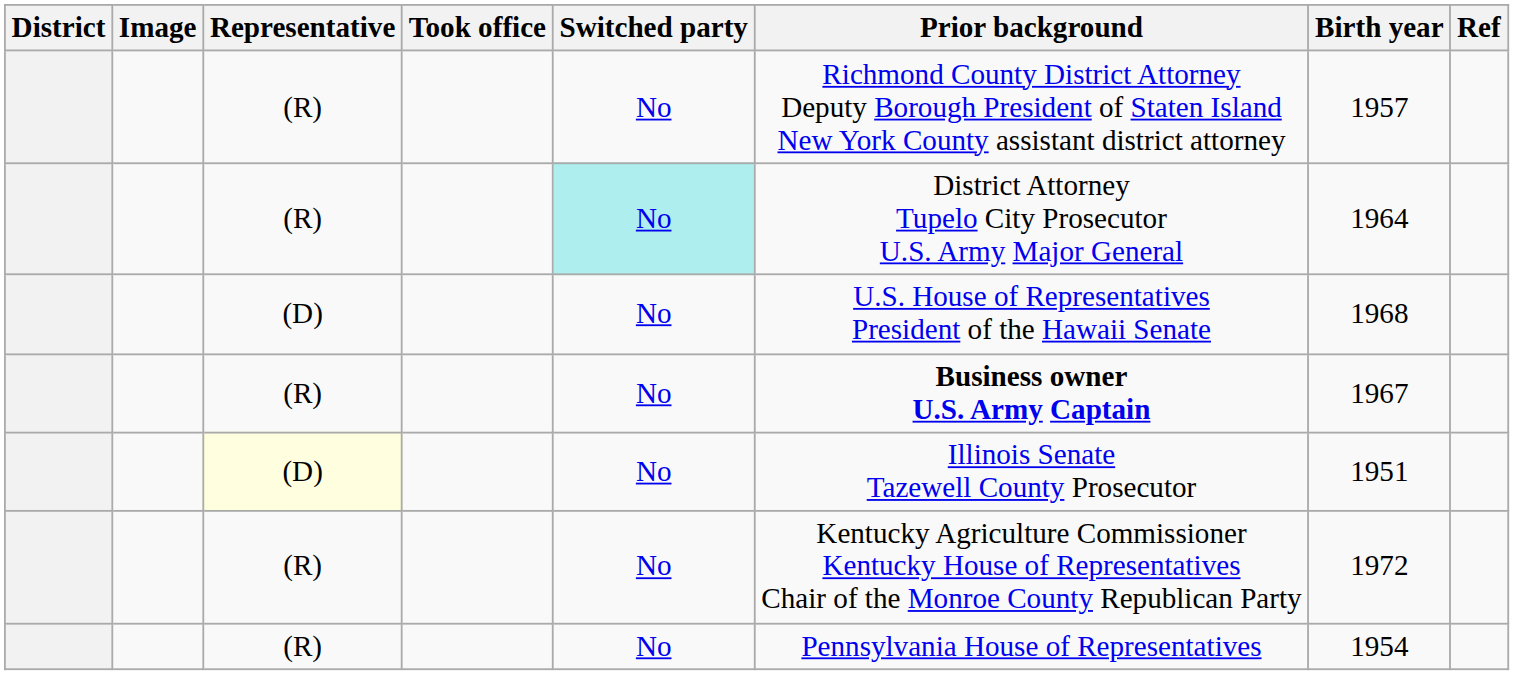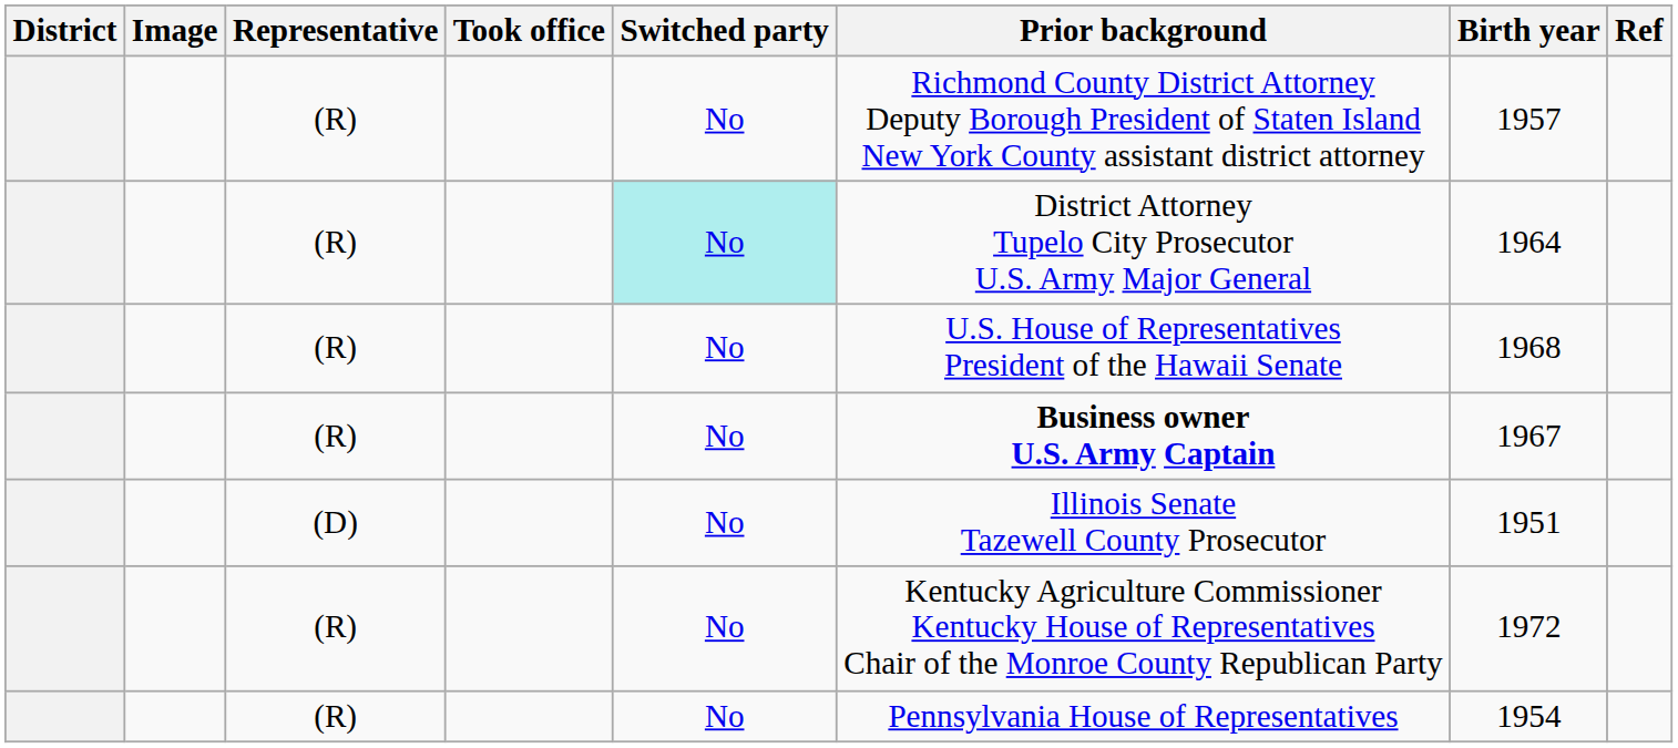 <table class="sortable wikitable" style="text-align:center">
 <tr>
 <th>District</th>
 <th>Image</th>
 <th>Representative</th>
 <th>Took office</th>
 <th>Switched party</th>
 <th>Prior background</th>
 <th>Birth year</th>
 <th>Ref</th>
 </tr>
 <tr>
 <th></th>
 <td></td>
 <td> (R)</td>
 <td></td>
 <td><a href='#'>No</a><br></td>
 <td><a href='#'>Richmond County District Attorney</a><br>Deputy <a href='#'>Borough President</a> of <a href='#'>Staten Island</a><br><a href='#'>New York County</a> assistant district attorney</td>
 <td>1957</td>
 <td></td>
 </tr>
 <tr>
 <th></th>
 <td></td>
 <td> (R)</td>
 <td></td>
 <td style="background: paleturquoise;"><a href='#'>No</a><br></td>
 <td>District Attorney<br><a href='#'>Tupelo</a> City Prosecutor<br><a href='#'>U.S. Army</a> <a href='#'>Major General</a></td>
 <td>1964</td>
 <td></td>
 </tr>
 <tr>
 <th></th>
 <td></td>
-<td> (D)</td>
+<td> (R)</td>
 <td></td>
 <td><a href='#'>No</a><br></td>
 <td><a href='#'>U.S. House of Representatives</a><br><a href='#'>President</a> of the <a href='#'>Hawaii Senate</a></td>
 <td>1968</td>
 <td></td>
 </tr>
 <tr>
 <th></th>
 <td></td>
 <td> (R)</td>
 <td></td>
 <td><a href='#'>No</a><br></td>
 <td><strong>Business owner<br><a href='#'>U.S. Army</a> <a href='#'>Captain</a></strong></td>
 <td>1967</td>
 <td></td>
 </tr>
 <tr>
 <th></th>
 <td></td>
-<td style="background: lightyellow;"> (D)</td>
+<td> (D)</td>
 <td></td>
 <td><a href='#'>No</a><br></td>
 <td><a href='#'>Illinois Senate</a><br><a href='#'>Tazewell County</a> Prosecutor</td>
 <td>1951</td>
 <td></td>
 </tr>
 <tr>
 <th></th>
 <td></td>
 <td> (R)</td>
 <td></td>
 <td><a href='#'>No</a><br></td>
 <td>Kentucky Agriculture Commissioner<br><a href='#'>Kentucky House of Representatives</a><br>Chair of the <a href='#'>Monroe County</a> Republican Party</td>
 <td>1972</td>
 <td></td>
 </tr>
 <tr>
 <th></th>
 <td></td>
 <td> (R)</td>
 <td></td>
 <td><a href='#'>No</a><br></td>
 <td><a href='#'>Pennsylvania House of Representatives</a></td>
 <td>1954</td>
 <td></td>
 </tr>
 </table>
